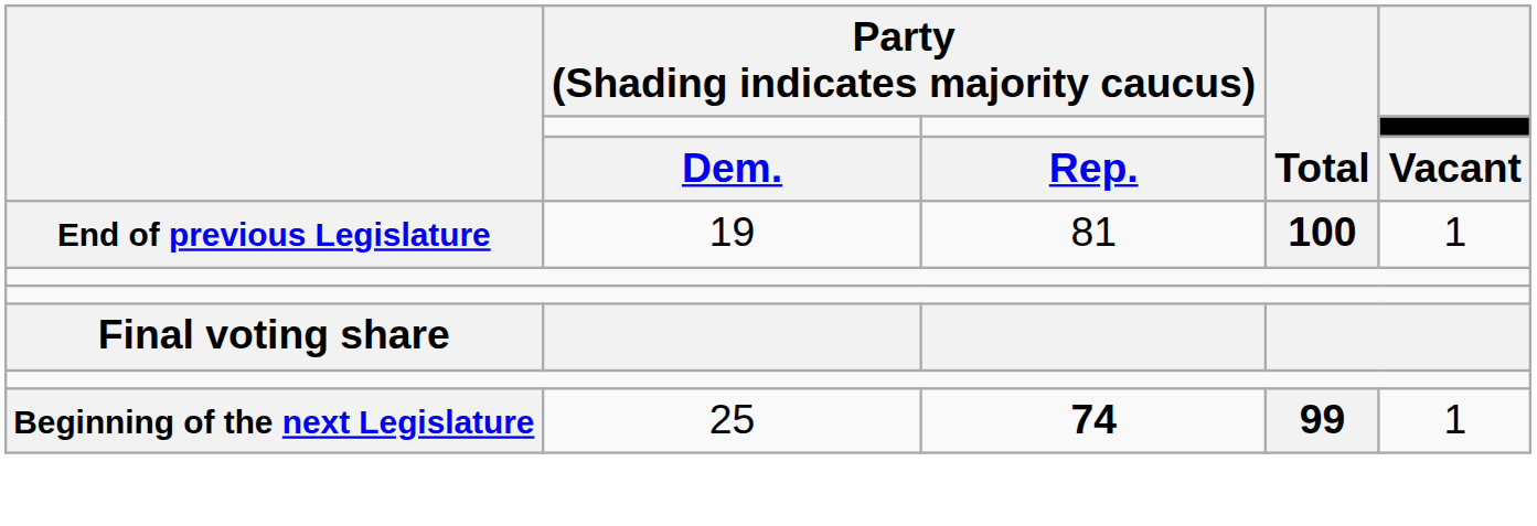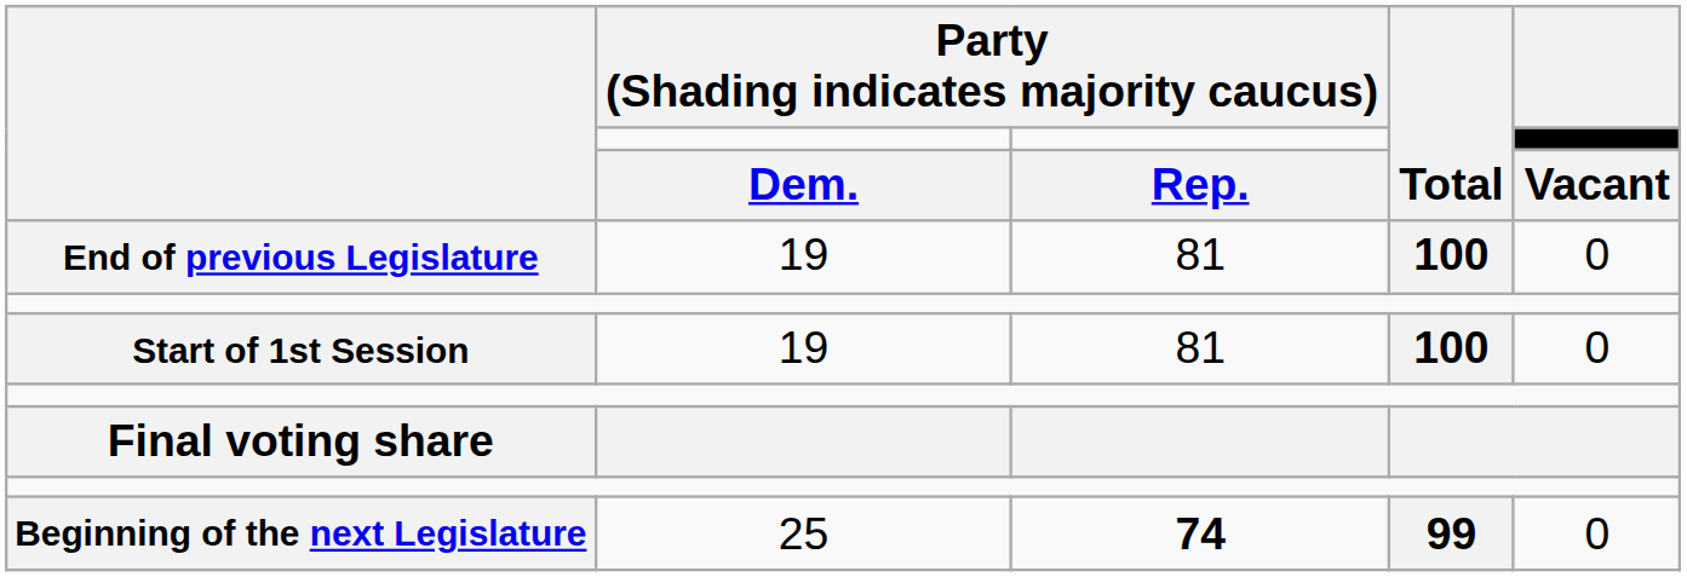 <table class=wikitable style="text-align:center">
 <tr style="vertical-align:bottom;">
 <th rowspan=3></th>
 <th colspan=2>Party <div>(Shading indicates majority caucus)</div></th>
 <th rowspan=3>Total</th>
 <th></th>
 </tr>
 <tr style="height:5px">
 <td style="background-color:"></td>
 <td style="background-color:"></td>
 <td style="background:black;"></td>
 </tr>
 <tr>
 <th><a href='#'>Dem.</a></th>
 <th><a href='#'>Rep.</a></th>
 <th>Vacant</th>
 </tr>
 <tr>
 <th style="font-size:80%;">End of <a href='#'>previous Legislature</a></th>
 <td>19</td>
 <td>81</td>
 <th>100</th>
-<td>1</td>
+<td>0</td>
 </tr>
 <tr>
 <td colspan=5></td>
+</tr>
+<tr>
+<th style="font-size:80%;">Start of 1st Session</th>
+<td>19</td>
+<td>81</td>
+<th>100</th>
+<td>0</td>
 </tr>
 <tr>
 <td colspan=5></td>
 </tr>
 <tr>
 <th>Final voting share</th>
 <th></th>
 <th></th>
 <th colspan=2></th>
 </tr>
 <tr>
 <td colspan=5></td>
 </tr>
 <tr>
 <th style="font-size:80%;">Beginning of the <a href='#'>next Legislature</a></th>
 <td>25</td>
 <td><strong>74</strong></td>
 <th>99</th>
-<td>1</td>
+<td>0</td>
 </tr>
 </table>
